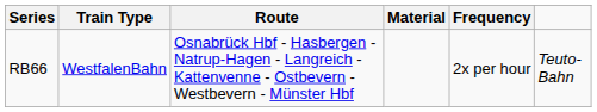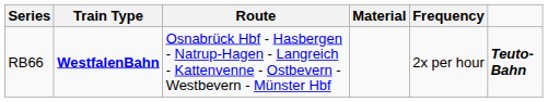 <table class="wikitable vatop">
 <tr>
 <th>Series</th>
 <th>Train Type</th>
 <th>Route</th>
 <th>Material</th>
 <th>Frequency</th>
 </tr>
 <tr>
 <td>RB66</td>
-<td><a href='#'>WestfalenBahn</a></td>
+<td><strong><a href='#'>WestfalenBahn</a></strong></td>
 <td><a href='#'>Osnabrück Hbf</a> - <a href='#'>Hasbergen</a> - <a href='#'>Natrup-Hagen</a> - <a href='#'>Langreich</a> - <a href='#'>Kattenvenne</a> - <a href='#'>Ostbevern</a> - Westbevern - <a href='#'>Münster Hbf</a></td>
 <td></td>
 <td>2x per hour</td>
-<td><em>Teuto-Bahn</em></td>
+<td><strong><em>Teuto-Bahn</em></strong></td>
 </tr>
 </table>
